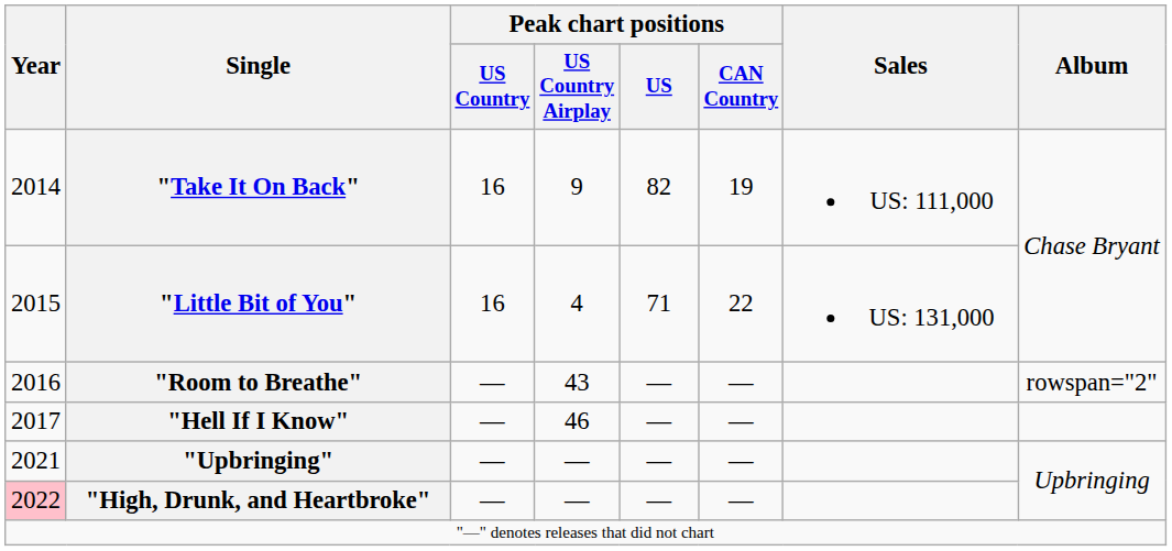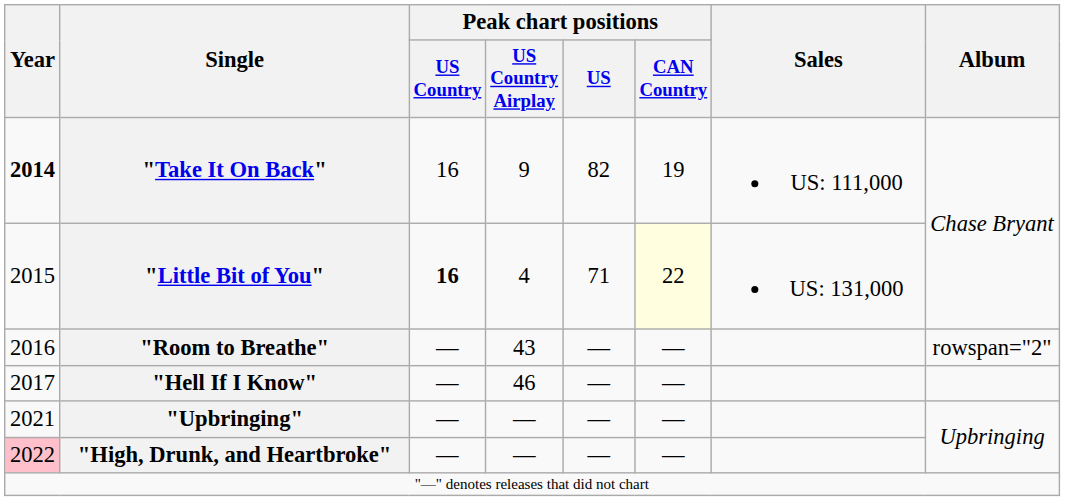 <table class="wikitable plainrowheaders" style="text-align:center;">
 <tr>
 <th rowspan="2">Year</th>
 <th rowspan="2" style="width:15em;">Single</th>
 <th colspan="4">Peak chart positions</th>
 <th rowspan="2" style="width:9em;">Sales</th>
 <th rowspan="2">Album</th>
 </tr>
 <tr style="font-size:smaller;">
 <th style="width:45px;"><a href='#'>US Country</a><br></th>
 <th style="width:45px;"><a href='#'>US Country Airplay</a><br></th>
 <th style="width:45px;"><a href='#'>US</a><br></th>
 <th style="width:45px;"><a href='#'>CAN Country</a><br></th>
 </tr>
 <tr>
-<td>2014</td>
+<td><strong>2014</strong></td>
 <th scope="row">"<a href='#'>Take It On Back</a>"</th>
 <td>16</td>
 <td>9</td>
 <td>82</td>
 <td>19</td>
 <td><br><ul><li>US: 111,000</li></ul></td>
 <td style="text-align:left;" rowspan="2"><em>Chase Bryant</em></td>
 </tr>
 <tr>
 <td>2015</td>
 <th scope="row">"<a href='#'>Little Bit of You</a>"</th>
-<td>16</td>
+<td><strong>16</strong></td>
 <td>4</td>
 <td>71</td>
-<td>22</td>
+<td style="background: lightyellow;">22</td>
 <td><br><ul><li>US: 131,000</li></ul></td>
 </tr>
 <tr>
 <td>2016</td>
 <th scope="row">"Room to Breathe"</th>
 <td>—</td>
 <td>43</td>
 <td>—</td>
 <td>—</td>
 <td></td>
 <td>rowspan="2" </td>
 </tr>
 <tr>
 <td>2017</td>
 <th scope="row">"Hell If I Know"</th>
 <td>—</td>
 <td>46</td>
 <td>—</td>
 <td>—</td>
 <td></td>
 </tr>
 <tr>
 <td>2021</td>
 <th scope="row">"Upbringing"</th>
 <td>—</td>
 <td>—</td>
 <td>—</td>
 <td>—</td>
 <td></td>
 <td rowspan="2"><em>Upbringing</em></td>
 </tr>
 <tr>
 <td style="background: pink;">2022</td>
 <th scope="row">"High, Drunk, and Heartbroke"</th>
 <td>—</td>
 <td>—</td>
 <td>—</td>
 <td>—</td>
 <td></td>
 </tr>
 <tr>
 <td colspan="8" style="font-size:8pt">"—" denotes releases that did not chart</td>
 </tr>
 </table>
